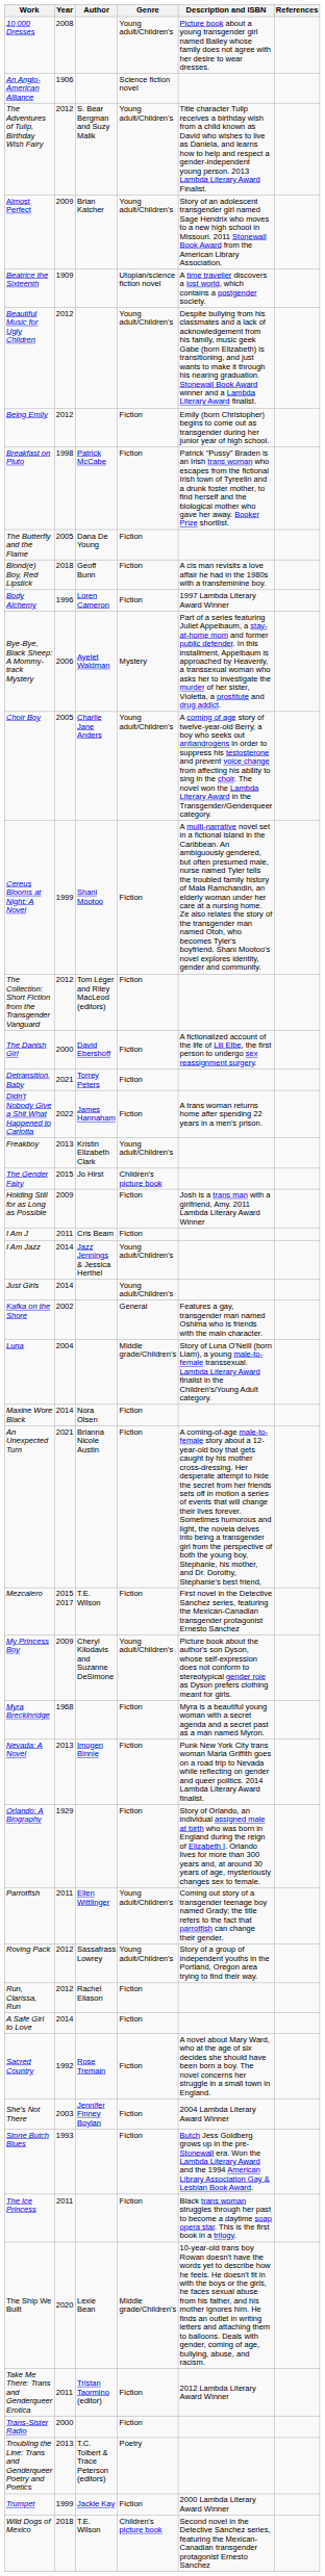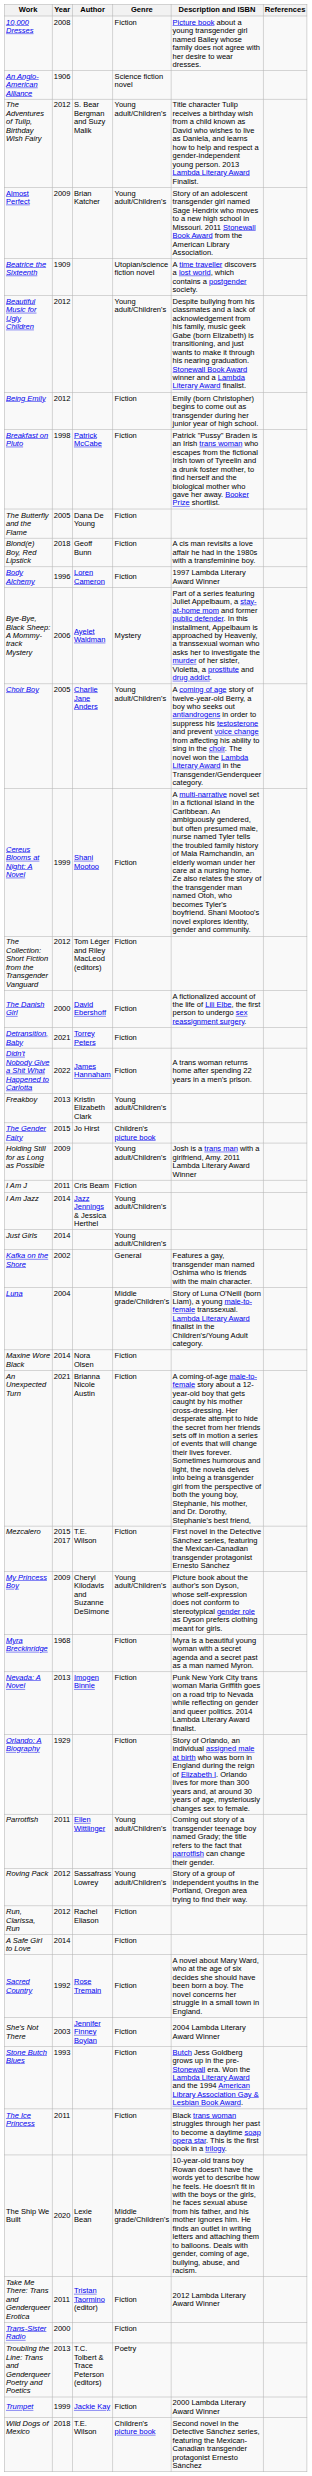 <table class="wikitable sortable">
 <tr>
 <th width="25%">Work</th>
 <th width="7%">Year</th>
 <th width="15%">Author</th>
 <th width="5%">Genre</th>
 <th width="43%">Description and ISBN</th>
 <th width="5%">References</th>
 </tr>
 <tr valign="top">
 <td><em><a href='#'>10,000 Dresses</a></em></td>
 <td align="center">2008</td>
 <td></td>
-<td>Young adult/Children's</td>
+<td>Fiction</td>
 <td><a href='#'>Picture book</a> about a young transgender girl named Bailey whose family does not agree with her desire to wear dresses. </td>
 <td></td>
 </tr>
 <tr valign="top">
 <td><em><a href='#'>An Anglo-American Alliance</a></em></td>
 <td align="center">1906</td>
 <td></td>
 <td>Science fiction novel</td>
 <td></td>
 <td></td>
 </tr>
 <tr valign="top">
 <td><em>The Adventures of Tulip, Birthday Wish Fairy</em></td>
 <td align="center">2012</td>
 <td>S. Bear Bergman and Suzy Malik</td>
 <td>Young adult/Children's</td>
 <td>Title character Tulip receives a birthday wish from a child known as David who wishes to live as Daniela, and learns how to help and respect a gender-independent young person. 2013 <a href='#'>Lambda Literary Award</a> Finalist. </td>
 <td></td>
 </tr>
 <tr valign="top">
 <td><a href='#'>Almost Perfect</a></td>
 <td align="center">2009</td>
 <td> Brian Katcher</td>
 <td>Young adult/Children's</td>
 <td>Story of an adolescent transgender girl named Sage Hendrix who moves to a new high school in Missouri. 2011 <a href='#'>Stonewall Book Award</a> from the American Library Association.</td>
 <td></td>
 </tr>
 <tr valign="top">
 <td><em><a href='#'>Beatrice the Sixteenth</a></em></td>
 <td align="center">1909</td>
 <td></td>
 <td>Utopian/science fiction novel</td>
 <td>A <a href='#'>time traveller</a> discovers a <a href='#'>lost world</a>, which contains a <a href='#'>postgender</a> society.</td>
 <td></td>
 </tr>
 <tr valign="top">
 <td><em><a href='#'>Beautiful Music for Ugly Children</a></em></td>
 <td align="center">2012</td>
 <td></td>
 <td>Young adult/Children's</td>
 <td>Despite bullying from his classmates and a lack of acknowledgement from his family, music geek Gabe (born Elizabeth) is transitioning, and just wants to make it through his nearing graduation. <a href='#'>Stonewall Book Award</a> winner and a <a href='#'>Lambda Literary Award</a> finalist.</td>
 <td></td>
 </tr>
 <tr valign="top">
 <td><em><a href='#'>Being Emily</a></em></td>
 <td align="center">2012</td>
 <td></td>
 <td>Fiction</td>
 <td>Emily (born Christopher) begins to come out as transgender during her junior year of high school.</td>
 <td></td>
 </tr>
 <tr valign="top">
 <td><em><a href='#'>Breakfast on Pluto</a></em></td>
 <td align="center">1998</td>
 <td> <a href='#'>Patrick McCabe</a></td>
 <td>Fiction</td>
 <td>Patrick "Pussy" Braden is an Irish <a href='#'>trans woman</a> who escapes from the fictional Irish town of Tyreelin and a drunk foster mother, to find herself and the biological mother who gave her away. <a href='#'>Booker Prize</a> shortlist.</td>
 <td></td>
 </tr>
 <tr valign="top">
 <td> <em>The Butterfly and the Flame</em></td>
 <td align="center">2005</td>
 <td>Dana De Young</td>
 <td>Fiction</td>
 <td></td>
 <td></td>
 </tr>
 <tr valign="top">
 <td> <em>Blond(e) Boy, Red Lipstick</em></td>
 <td align="center">2018</td>
 <td>Geoff Bunn</td>
 <td>Fiction</td>
 <td>A cis man revisits a love affair he had in the 1980s with a transfeminine boy.</td>
 <td></td>
 </tr>
 <tr>
 <td><em><a href='#'>Body Alchemy</a></em></td>
 <td rowspan="1">1996</td>
 <td><a href='#'>Loren Cameron</a></td>
 <td rowspan="1">Fiction</td>
 <td>1997 Lambda Literary Award Winner </td>
 <td></td>
 </tr>
 <tr>
 <td><em>Bye-Bye, Black Sheep: A Mommy-track Mystery</em></td>
 <td align="center">2006</td>
 <td><a href='#'>Ayelet Waldman</a></td>
 <td>Mystery</td>
 <td>Part of a series featuring Juliet Appelbaum, a <a href='#'>stay-at-home mom</a> and former <a href='#'>public defender</a>. In this installment, Appelbaum is approached by Heavenly, a transsexual woman who asks her to investigate the <a href='#'>murder</a> of her sister, Violetta, a <a href='#'>prostitute</a> and <a href='#'>drug addict</a>. </td>
 <td></td>
 </tr>
 <tr valign="top">
 <td><em><a href='#'>Choir Boy</a></em></td>
 <td align="center">2005</td>
 <td><a href='#'>Charlie Jane Anders</a></td>
 <td>Young adult/Children's</td>
 <td>A <a href='#'>coming of age</a> story of twelve-year-old Berry, a boy who seeks out <a href='#'>antiandrogens</a> in order to suppress his <a href='#'>testosterone</a> and prevent <a href='#'>voice change</a> from affecting his ability to sing in the <a href='#'>choir</a>. The novel won the <a href='#'>Lambda Literary Award</a> in the Transgender/Genderqueer category. </td>
 <td></td>
 </tr>
 <tr>
 <td><em><a href='#'>Cereus Blooms at Night: A Novel</a></em></td>
 <td align="center">1999</td>
 <td><a href='#'>Shani Mootoo</a></td>
 <td>Fiction</td>
 <td>A <a href='#'>multi-narrative</a> novel set in a fictional island in the Caribbean. An ambiguously gendered, but often presumed male, nurse named Tyler tells the troubled family history of Mala Ramchandin, an elderly woman under her care at a nursing home. Ze also relates the story of the transgender man named Otoh, who becomes Tyler's boyfriend. Shani Mootoo's novel explores identity, gender and community. </td>
 <td></td>
 </tr>
 <tr valign="top">
 <td><em>The Collection: Short Fiction from the Transgender Vanguard</em></td>
 <td align="center">2012</td>
 <td>Tom Léger and Riley MacLeod (editors)</td>
 <td>Fiction</td>
 <td></td>
 <td></td>
 </tr>
 <tr>
 <td><em><a href='#'>The Danish Girl</a></em></td>
 <td align="center">2000</td>
 <td><a href='#'>David Ebershoff</a></td>
 <td>Fiction</td>
 <td>A fictionalized account of the life of <a href='#'>Lili Elbe</a>, the first person to undergo <a href='#'>sex reassignment surgery</a>. </td>
 <td></td>
 </tr>
 <tr>
 <td><em><a href='#'>Detransition, Baby</a></em></td>
 <td align="center">2021</td>
 <td><a href='#'>Torrey Peters</a></td>
 <td>Fiction</td>
 <td></td>
 <td></td>
 </tr>
 <tr>
 <td><em><a href='#'>Didn't Nobody Give a Shit What Happened to Carlotta</a></em></td>
 <td>2022</td>
 <td><a href='#'>James Hannaham</a></td>
 <td>Fiction</td>
 <td>A trans woman returns home after spending 22 years in a men's prison. </td>
 <td></td>
 </tr>
 <tr valign="top">
 <td><em>Freakboy</em></td>
 <td align="center">2013</td>
 <td>Kristin Elizabeth Clark</td>
 <td>Young adult/Children's</td>
 <td></td>
 <td></td>
 </tr>
 <tr valign="top">
 <td><em><a href='#'>The Gender Fairy</a></em></td>
 <td align="center">2015</td>
 <td>Jo Hirst</td>
 <td>Children's <a href='#'>picture book</a></td>
 <td></td>
 <td></td>
 </tr>
 <tr valign="top">
 <td><em>Holding Still for as Long as Possible</em></td>
 <td align="center">2009</td>
 <td></td>
-<td>Fiction</td>
+<td>Young adult/Children's</td>
 <td>Josh is a <a href='#'>trans man</a> with a girlfriend, Amy. 2011 Lambda Literary Award Winner </td>
 <td></td>
 </tr>
 <tr valign="top">
 <td><em>I Am J</em></td>
 <td align="center">2011</td>
 <td> Cris Beam</td>
 <td>Fiction</td>
 <td></td>
 <td></td>
 </tr>
 <tr valign="top">
 <td><em>I Am Jazz</em></td>
 <td align="center">2014</td>
 <td><a href='#'>Jazz Jennings</a> & Jessica Herthel</td>
 <td>Young adult/Children's</td>
 <td></td>
 <td></td>
 </tr>
 <tr valign="top">
 <td><em>Just Girls</em></td>
 <td align="center">2014</td>
 <td></td>
 <td>Young adult/Children's</td>
 <td></td>
 <td></td>
 </tr>
 <tr valign="top">
 <td><em><a href='#'>Kafka on the Shore</a></em></td>
 <td align="center">2002</td>
 <td></td>
 <td>General</td>
 <td>Features a gay, transgender man named Oshima who is friends with the main character. </td>
 <td></td>
 </tr>
 <tr valign="top">
 <td><em><a href='#'>Luna</a></em></td>
 <td align="center">2004</td>
 <td></td>
 <td>Middle grade/Children's</td>
 <td>Story of Luna O'Neill (born Liam), a young <a href='#'>male-to-female</a> transsexual. <a href='#'>Lambda Literary Award</a> finalist in the Children's/Young Adult category. </td>
 <td></td>
 </tr>
 <tr valign="top">
 <td><em>Maxine Wore Black</em></td>
 <td align="center">2014</td>
 <td> Nora Olsen</td>
 <td>Fiction</td>
 <td></td>
 <td></td>
 </tr>
 <tr valign="top">
 <td><em>An Unexpected Turn</em></td>
 <td align="center">2021</td>
 <td> Brianna Nicole Austin</td>
 <td>Fiction</td>
 <td>A coming-of-age <a href='#'>male-to-female</a> story about a 12-year-old boy that gets caught by his mother cross-dressing. Her desperate attempt to hide the secret from her friends sets off in motion a series of events that will change their lives forever. Sometimes humorous and light, the novela delves into being a transgender girl from the perspective of both the young boy, Stephanie, his mother, and Dr. Dorothy, Stephanie's best friend,</td>
 <td></td>
 </tr>
 <tr valign="top">
 <td><em>Mezcalero</em></td>
 <td align="center">2015 2017</td>
 <td> T.E. Wilson</td>
 <td>Fiction</td>
 <td>First novel in the Detective Sánchez series, featuring the Mexican-Canadian transgender protagonist Ernesto Sánchez</td>
 <td></td>
 </tr>
 <tr valign="top">
 <td><em><a href='#'>My Princess Boy</a></em></td>
 <td align="center">2009</td>
 <td>Cheryl Kilodavis and Suzanne DeSimone</td>
 <td>Young adult/Children's</td>
 <td>Picture book about the author's son Dyson, whose self-expression does not conform to stereotypical <a href='#'>gender role</a> as Dyson prefers clothing meant for girls.</td>
 <td></td>
 </tr>
 <tr valign="top">
 <td><em><a href='#'>Myra Breckinridge</a></em></td>
 <td align="center">1968</td>
 <td></td>
 <td>Fiction</td>
 <td>Myra is a beautiful young woman with a secret agenda  and a secret past as a man named Myron.</td>
 <td></td>
 </tr>
 <tr valign="top">
 <td><em><a href='#'>Nevada: A Novel</a></em></td>
 <td align="center">2013</td>
 <td><a href='#'>Imogen Binnie</a></td>
 <td>Fiction</td>
 <td>Punk New York City trans woman Maria Griffith goes on a road trip to Nevada while reflecting on gender and queer politics. 2014 Lambda Literary Award finalist. </td>
 <td></td>
 </tr>
 <tr valign="top">
 <td><em><a href='#'>Orlando: A Biography</a></em></td>
 <td align="center">1929</td>
 <td></td>
 <td>Fiction</td>
 <td>Story of Orlando, an individual <a href='#'>assigned male at birth</a> who was born in England during the reign of <a href='#'>Elizabeth I</a>. Orlando lives for more than 300 years and, at around 30 years of age, mysteriously changes sex to female.</td>
 <td></td>
 </tr>
 <tr valign="top">
 <td><em>Parrotfish</em></td>
 <td align="center">2011</td>
 <td><a href='#'> Ellen Wittlinger</a></td>
 <td>Young adult/Children's</td>
 <td>Coming out story of a transgender teenage boy named Grady; the title refers to the fact that <a href='#'>parrotfish</a> can change their gender.</td>
 <td></td>
 </tr>
 <tr valign="top">
 <td><em>Roving Pack</em></td>
 <td align="center">2012</td>
 <td> Sassafrass Lowrey</td>
 <td>Young adult/Children's</td>
 <td>Story of a group of independent youths in the Portland, Oregon area trying to find their way.</td>
 <td></td>
 </tr>
 <tr valign="top">
 <td><em>Run, Clarissa, Run</em></td>
 <td align="center">2012</td>
 <td> Rachel Eliason</td>
 <td>Fiction</td>
 <td></td>
 <td></td>
 </tr>
 <tr valign="top">
 <td><em>A Safe Girl to Love</em></td>
 <td align="center">2014</td>
 <td></td>
 <td>Fiction</td>
 <td></td>
 <td></td>
 </tr>
 <tr>
 <td><em><a href='#'>Sacred Country</a></em></td>
 <td align="center">1992</td>
 <td><a href='#'>Rose Tremain</a></td>
 <td>Fiction</td>
 <td>A novel about Mary Ward, who at the age of six decides she should have been born a boy. The novel concerns her struggle in a small town in England. </td>
 <td></td>
 </tr>
 <tr>
 <td><em>She's Not There</em></td>
 <td rowspan="1">2003</td>
 <td><a href='#'>Jennifer Finney Boylan</a></td>
 <td rowspan="1">Fiction</td>
 <td>2004 Lambda Literary Award Winner </td>
 <td></td>
 </tr>
 <tr valign="top">
 <td><em><a href='#'>Stone Butch Blues</a></em></td>
 <td align="center">1993</td>
 <td></td>
 <td>Fiction</td>
 <td><a href='#'>Butch</a> Jess Goldberg grows up in the pre-<a href='#'>Stonewall</a> era. Won the <a href='#'>Lambda Literary Award</a> and the 1994 <a href='#'>American Library Association Gay & Lesbian Book Award</a>. </td>
 <td></td>
 </tr>
 <tr valign="top">
 <td><em><a href='#'>The Ice Princess</a></em></td>
 <td align="center">2011</td>
 <td></td>
 <td>Fiction</td>
 <td>Black <a href='#'>trans woman</a> struggles through her past to become a daytime <a href='#'>soap opera star</a>. This is the first book in a <a href='#'>trilogy</a>.</td>
 <td></td>
 </tr>
 <tr>
 <td>The Ship We Built</td>
 <td align="center">2020</td>
 <td>Lexie Bean</td>
 <td>Middle grade/Children's</td>
 <td>10-year-old trans boy Rowan doesn't have the words yet to describe how he feels. He doesn't fit in with the boys or the girls, he faces sexual abuse from his father, and his mother ignores him. He finds an outlet in writing letters and attaching them to balloons. Deals with gender, coming of age, bullying, abuse, and racism.</td>
 <td></td>
 </tr>
 <tr>
 <td><em>Take Me There: Trans and Genderqueer Erotica</em></td>
 <td rowspan="1">2011</td>
 <td><a href='#'>Tristan Taormino</a> (editor)</td>
 <td rowspan="1">Fiction</td>
 <td>2012 Lambda Literary Award Winner </td>
 <td></td>
 </tr>
 <tr valign="top">
 <td><em><a href='#'>Trans-Sister Radio</a></em></td>
 <td align="center">2000</td>
 <td></td>
 <td>Fiction</td>
 <td></td>
 <td></td>
 </tr>
 <tr valign="top">
 <td><em>Troubling the Line: Trans and Genderqueer Poetry and Poetics</em></td>
 <td align="center">2013</td>
 <td>T.C. Tolbert & Trace Peterson (editors)</td>
 <td>Poetry</td>
 <td></td>
 <td></td>
 </tr>
 <tr>
 <td><em><a href='#'>Trumpet</a></em></td>
 <td rowspan="1">1999</td>
 <td><a href='#'>Jackie Kay</a></td>
 <td rowspan="1">Fiction</td>
 <td>2000 Lambda Literary Award Winner </td>
 <td></td>
 </tr>
 <tr valign="top">
 <td><em>Wild Dogs of Mexico</em></td>
 <td align="center">2018</td>
 <td>T.E. Wilson</td>
 <td>Children's <a href='#'>picture book</a></td>
 <td>Second novel in the Detective Sánchez series, featuring the Mexican-Canadian transgender protagonist Ernesto Sánchez</td>
 <td></td>
 </tr>
 </table>
